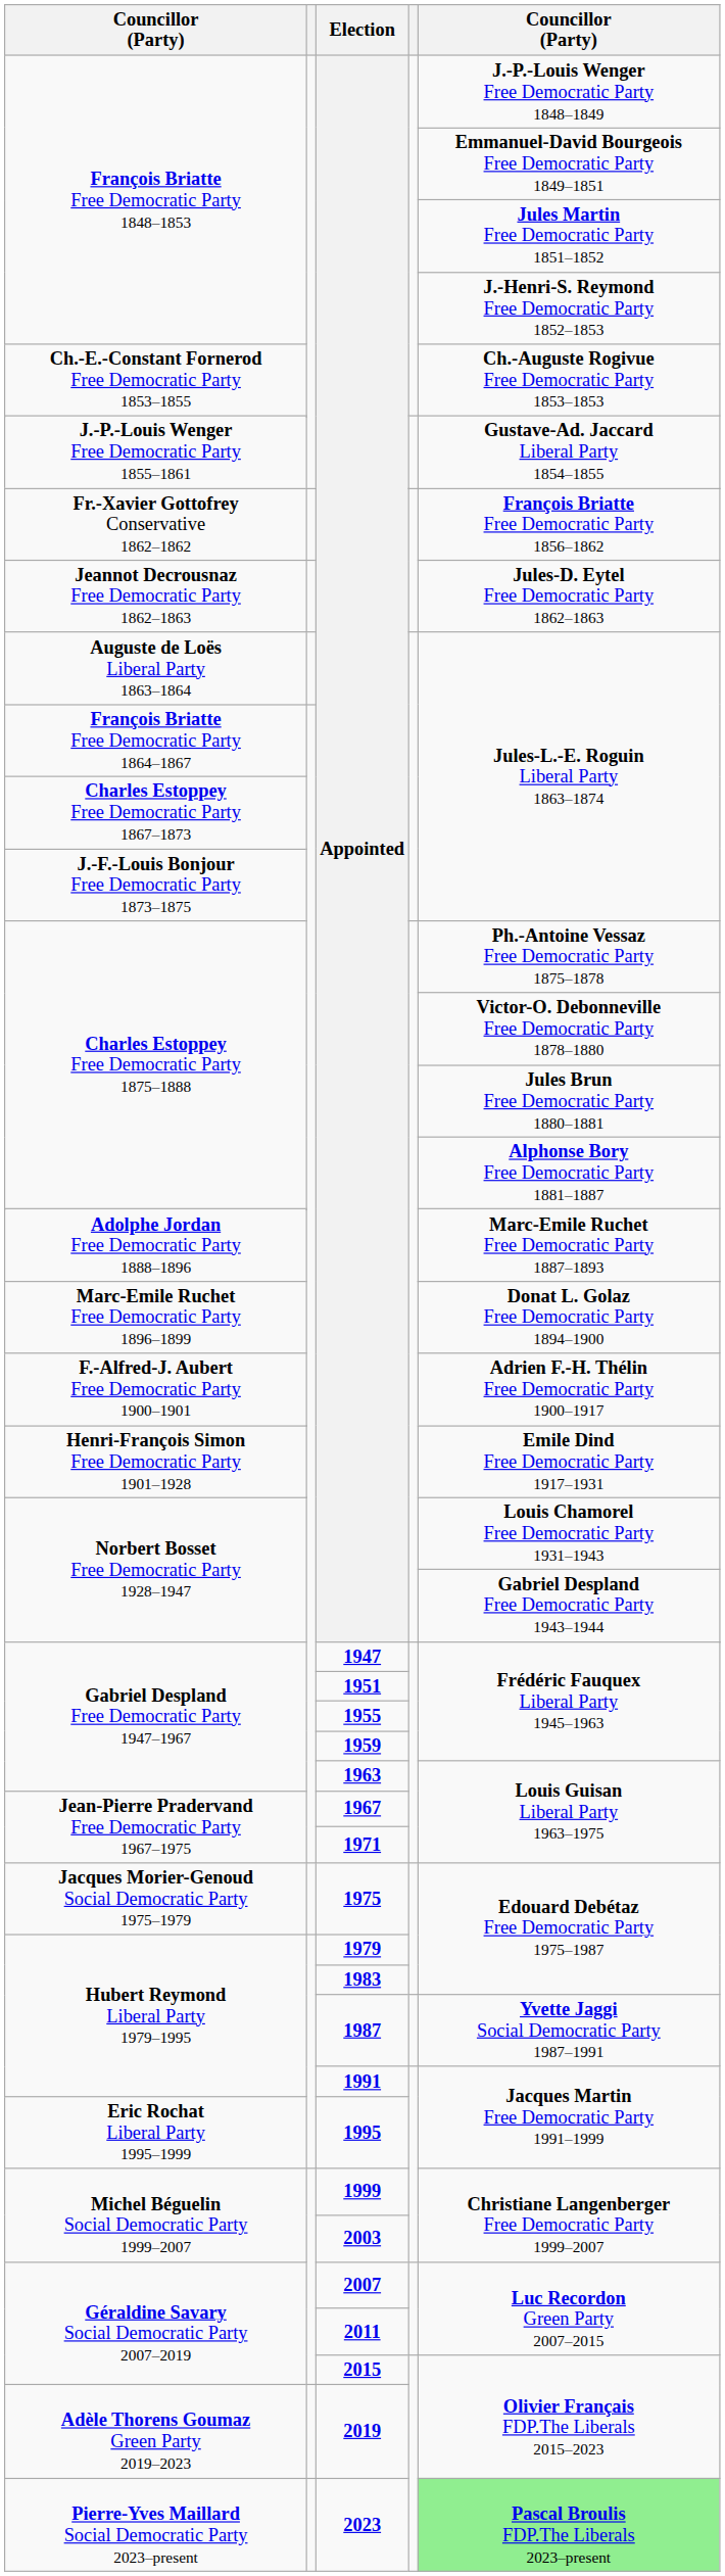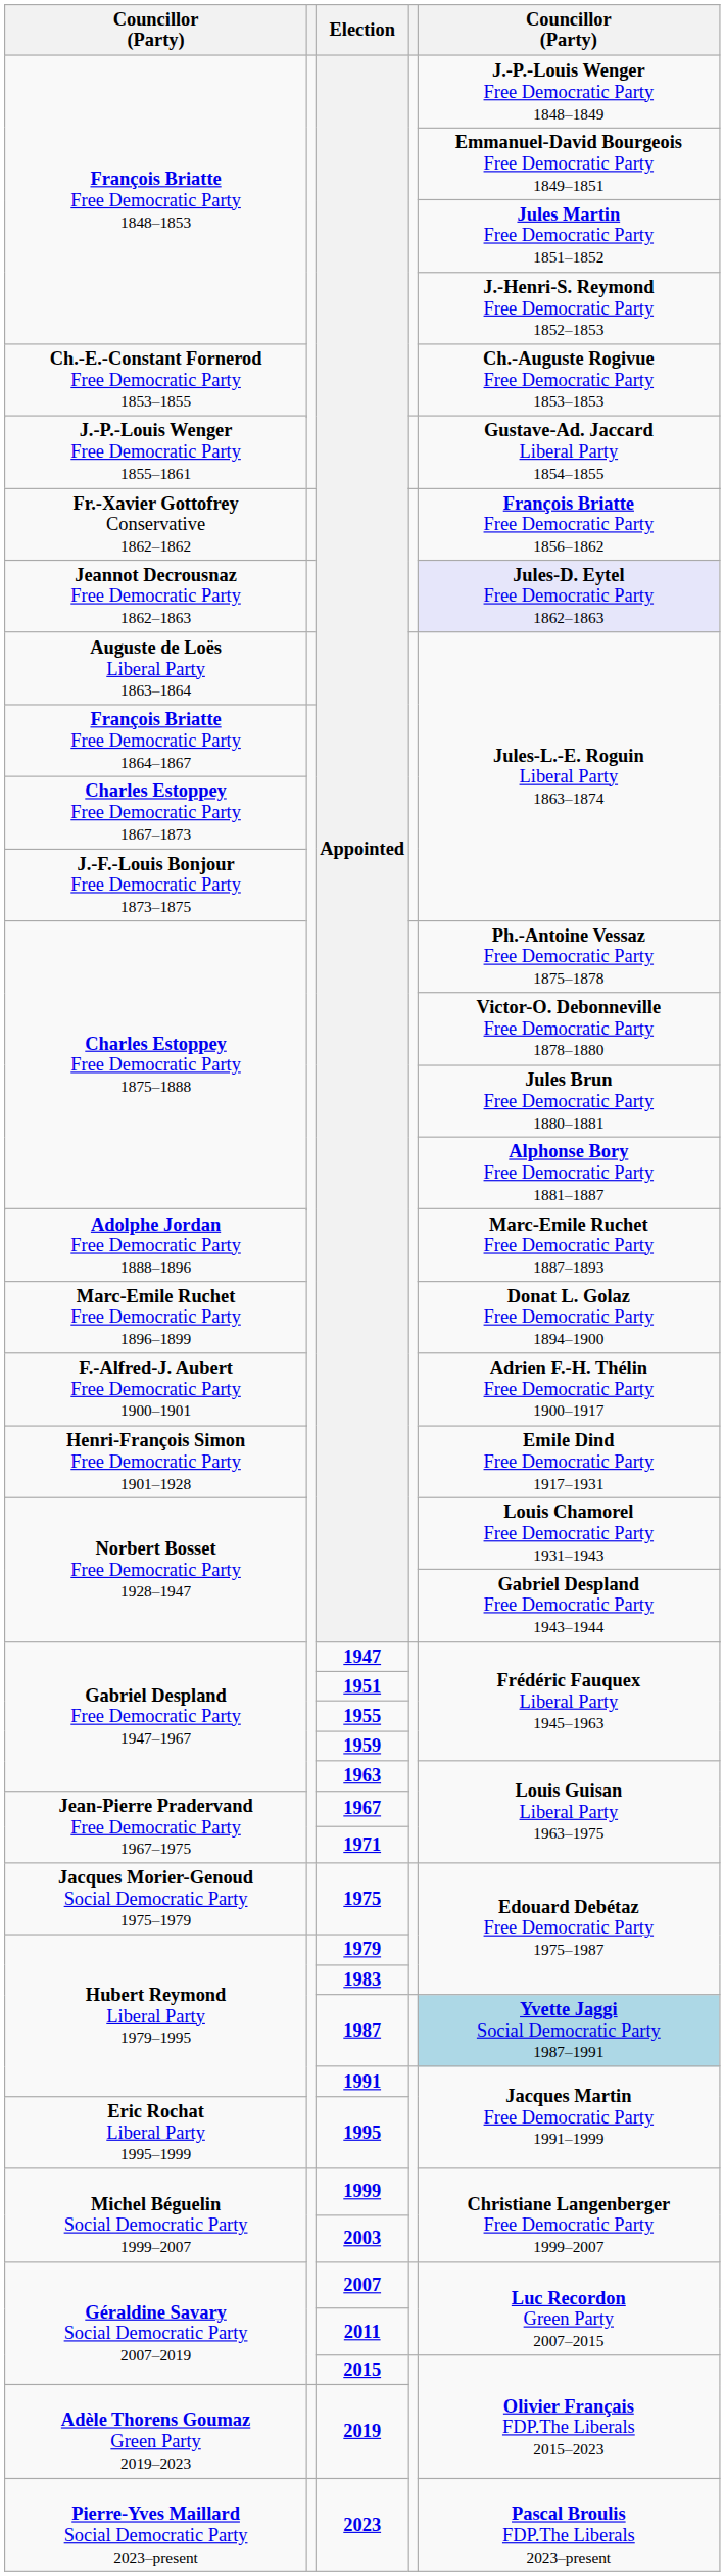 <table class="wikitable" style="text-align:center">
 <tr>
 <th scope="col" width="250" colspan = "1">Councillor<br> (Party)</th>
 <th></th>
 <th>Election</th>
 <th></th>
 <th scope="col" width="250" colspan = "1">Councillor<br> (Party)</th>
 </tr>
 <tr>
 <td rowspan=4><strong><a href='#'>François Briatte</a></strong><br><a href='#'>Free Democratic Party</a><br><small>1848–1853</small></td>
 <td rowspan=8; style="background-color: "></td>
 <th rowspan=29>Appointed</th>
 <td rowspan=5; style="background-color: "></td>
 <td rowspan=1><strong>J.-P.-Louis Wenger</strong><br><a href='#'>Free Democratic Party</a><br><small>1848–1849</small></td>
 </tr>
 <tr>
 <td rowspan=1><strong>Emmanuel-David Bourgeois</strong><br><a href='#'>Free Democratic Party</a><br><small>1849–1851</small></td>
 </tr>
 <tr>
 <td rowspan=1><strong><a href='#'>Jules Martin</a></strong><br><a href='#'>Free Democratic Party</a><br><small>1851–1852</small></td>
 </tr>
 <tr>
 <td rowspan=1><strong>J.-Henri-S. Reymond</strong><br><a href='#'>Free Democratic Party</a><br><small>1852–1853</small></td>
 </tr>
 <tr>
 <td rowspan=2><strong>Ch.-E.-Constant Fornerod</strong><br><a href='#'>Free Democratic Party</a><br><small>1853–1855</small></td>
 <td rowspan=1><strong>Ch.-Auguste Rogivue</strong><br><a href='#'>Free Democratic Party</a><br><small>1853–1853</small></td>
 </tr>
 <tr>
 <td rowspan=2; style="background-color: "></td>
 <td rowspan=2><strong>Gustave-Ad. Jaccard</strong><br><a href='#'>Liberal Party</a><br><small>1854–1855</small></td>
 </tr>
 <tr>
 <td rowspan=2><strong>J.-P.-Louis Wenger</strong><br><a href='#'>Free Democratic Party</a><br><small>1855–1861</small></td>
 </tr>
 <tr>
 <td rowspan=3; style="background-color: "></td>
 <td rowspan=2><strong><a href='#'>François Briatte</a></strong><br><a href='#'>Free Democratic Party</a><br><small>1856–1862</small></td>
 </tr>
 <tr>
 <td rowspan=1><strong>Fr.-Xavier Gottofrey</strong><br>Conservative<br><small>1862–1862</small></td>
 <td rowspan=1; style="background-color: "></td>
 </tr>
 <tr>
 <td rowspan=1><strong>Jeannot Decrousnaz</strong><br><a href='#'>Free Democratic Party</a><br><small>1862–1863</small></td>
 <td rowspan=1; style="background-color: "></td>
-<td rowspan=1><strong>Jules-D. Eytel</strong><br><a href='#'>Free Democratic Party</a><br><small>1862–1863</small></td>
+<td rowspan=1 style="background: lavender;"><strong>Jules-D. Eytel</strong><br><a href='#'>Free Democratic Party</a><br><small>1862–1863</small></td>
 </tr>
 <tr>
 <td rowspan=1><strong>Auguste de Loës</strong><br><a href='#'>Liberal Party</a><br><small>1863–1864</small></td>
 <td rowspan=1; style="background-color: "></td>
 <td rowspan=4; style="background-color: "></td>
 <td rowspan=4><strong>Jules-L.-E. Roguin</strong><br><a href='#'>Liberal Party</a><br><small>1863–1874</small></td>
 </tr>
 <tr>
 <td rowspan=1><strong><a href='#'>François Briatte</a></strong><br><a href='#'>Free Democratic Party</a><br><small>1864–1867</small></td>
 <td rowspan=25; style="background-color: "></td>
 </tr>
 <tr>
 <td rowspan=1><strong><a href='#'>Charles Estoppey</a></strong><br><a href='#'>Free Democratic Party</a><br><small>1867–1873</small></td>
 </tr>
 <tr>
 <td rowspan=1><strong>J.-F.-Louis Bonjour</strong><br><a href='#'>Free Democratic Party</a><br><small>1873–1875</small></td>
 </tr>
 <tr>
 <td rowspan=5><strong><a href='#'>Charles Estoppey</a></strong><br><a href='#'>Free Democratic Party</a><br><small>1875–1888</small></td>
 <td rowspan=14; style="background-color: "></td>
 <td rowspan=1><strong>Ph.-Antoine Vessaz</strong><br><a href='#'>Free Democratic Party</a><br><small>1875–1878</small></td>
 </tr>
 <tr>
 <td rowspan=1><strong>Victor-O. Debonneville</strong><br><a href='#'>Free Democratic Party</a><br><small>1878–1880</small></td>
 </tr>
 <tr>
 <td rowspan=1><strong>Jules Brun</strong><br><a href='#'>Free Democratic Party</a><br><small>1880–1881</small></td>
 </tr>
 <tr>
 <td rowspan=1><strong><a href='#'>Alphonse Bory</a></strong><br><a href='#'>Free Democratic Party</a><br><small>1881–1887</small></td>
 </tr>
 <tr>
 <td rowspan=2><strong>Marc-Emile Ruchet</strong><br><a href='#'>Free Democratic Party</a><br><small>1887–1893</small></td>
 </tr>
 <tr>
 <td rowspan=2><strong><a href='#'>Adolphe Jordan</a></strong><br><a href='#'>Free Democratic Party</a><br><small>1888–1896</small></td>
 </tr>
 <tr>
 <td rowspan=2><strong>Donat L. Golaz</strong><br><a href='#'>Free Democratic Party</a><br><small>1894–1900</small></td>
 </tr>
 <tr>
 <td rowspan=1><strong>Marc-Emile Ruchet</strong><br><a href='#'>Free Democratic Party</a><br><small>1896–1899</small></td>
 </tr>
 <tr>
 <td rowspan=1><strong>F.-Alfred-J. Aubert</strong><br><a href='#'>Free Democratic Party</a><br><small>1900–1901</small></td>
 <td rowspan=2><strong>Adrien F.-H. Thélin</strong><br><a href='#'>Free Democratic Party</a><br><small>1900–1917</small></td>
 </tr>
 <tr>
 <td rowspan=2><strong>Henri-François Simon</strong><br><a href='#'>Free Democratic Party</a><br><small>1901–1928</small></td>
 </tr>
 <tr>
 <td rowspan=2><strong>Emile Dind</strong><br><a href='#'>Free Democratic Party</a><br><small>1917–1931</small></td>
 </tr>
 <tr>
 <td rowspan=4><strong>Norbert Bosset</strong><br><a href='#'>Free Democratic Party</a><br><small>1928–1947</small></td>
 </tr>
 <tr>
 <td rowspan=1><strong>Louis Chamorel</strong><br><a href='#'>Free Democratic Party</a><br><small>1931–1943</small></td>
 </tr>
 <tr>
 <td rowspan=1><strong>Gabriel Despland</strong><br><a href='#'>Free Democratic Party</a><br><small>1943–1944</small></td>
 </tr>
 <tr>
 <td rowspan=8; style="background-color: "></td>
 <td rowspan=5><strong>Frédéric Fauquex</strong><br><a href='#'>Liberal Party</a><br><small>1945–1963</small></td>
 </tr>
 <tr>
 <td rowspan=5><strong>Gabriel Despland</strong><br><a href='#'>Free Democratic Party</a><br><small>1947–1967</small></td>
 <td><strong><a href='#'>1947</a></strong></td>
 </tr>
 <tr>
 <td><strong><a href='#'>1951</a></strong></td>
 </tr>
 <tr>
 <td><strong><a href='#'>1955</a></strong></td>
 </tr>
 <tr>
 <td><strong><a href='#'>1959</a></strong></td>
 </tr>
 <tr>
 <td><strong><a href='#'>1963</a></strong></td>
 <td rowspan=3><strong>Louis Guisan</strong><br><a href='#'>Liberal Party</a><br><small>1963–1975</small></td>
 </tr>
 <tr>
 <td rowspan=2><strong>Jean-Pierre Pradervand</strong><br><a href='#'>Free Democratic Party</a><br><small>1967–1975</small></td>
 <td><strong><a href='#'>1967</a></strong></td>
 </tr>
 <tr>
 <td><strong><a href='#'>1971</a></strong></td>
 </tr>
 <tr>
 <td rowspan=1><strong>Jacques Morier-Genoud</strong><br><a href='#'>Social Democratic Party</a><br><small>1975–1979</small></td>
 <td rowspan=1; style="background-color: "></td>
 <td><strong><a href='#'>1975</a></strong></td>
 <td rowspan=3; style="background-color: "></td>
 <td rowspan=3><strong>Edouard Debétaz</strong><br><a href='#'>Free Democratic Party</a><br><small>1975–1987</small></td>
 </tr>
 <tr>
 <td rowspan=4><strong>Hubert Reymond</strong><br><a href='#'>Liberal Party</a><br><small>1979–1995</small></td>
 <td rowspan=5; style="background-color: "></td>
 <td><strong><a href='#'>1979</a></strong></td>
 </tr>
 <tr>
 <td><strong><a href='#'>1983</a></strong></td>
 </tr>
 <tr>
 <td><strong><a href='#'>1987</a></strong></td>
 <td rowspan=1; style="background-color: "></td>
-<td rowspan=1><strong><a href='#'>Yvette Jaggi</a></strong><br><a href='#'>Social Democratic Party</a><br><small>1987–1991</small></td>
+<td rowspan=1 style="background: lightblue;"><strong><a href='#'>Yvette Jaggi</a></strong><br><a href='#'>Social Democratic Party</a><br><small>1987–1991</small></td>
 </tr>
 <tr>
 <td><strong><a href='#'>1991</a></strong></td>
 <td rowspan=4; style="background-color: "></td>
 <td rowspan=2><strong>Jacques Martin</strong><br><a href='#'>Free Democratic Party</a><br><small>1991–1999</small></td>
 </tr>
 <tr>
 <td rowspan=1><strong>Eric Rochat</strong><br><a href='#'>Liberal Party</a><br><small>1995–1999</small></td>
 <td><strong><a href='#'>1995</a></strong></td>
 </tr>
 <tr>
 <td rowspan=2><br><strong>Michel Béguelin</strong><br><a href='#'>Social Democratic Party</a><br><small>1999–2007</small></td>
 <td rowspan=5; style="background-color: "></td>
 <td><strong><a href='#'>1999</a></strong></td>
 <td rowspan=2><br><strong>Christiane Langenberger</strong><br><a href='#'>Free Democratic Party</a><br><small>1999–2007</small></td>
 </tr>
 <tr>
 <td><strong><a href='#'>2003</a></strong></td>
 </tr>
 <tr>
 <td rowspan=3><br><strong><a href='#'>Géraldine Savary</a></strong><br><a href='#'>Social Democratic Party</a><br><small>2007–2019</small></td>
 <td><strong><a href='#'>2007</a></strong></td>
 <td rowspan=2; style="background-color: "></td>
 <td rowspan=2><br><strong><a href='#'>Luc Recordon</a></strong><br><a href='#'>Green Party</a><br><small>2007–2015</small></td>
 </tr>
 <tr>
 <td><strong><a href='#'>2011</a></strong></td>
 </tr>
 <tr>
 <td><strong><a href='#'>2015</a></strong></td>
 <td rowspan=3; style="background-color: "></td>
 <td rowspan=2><br><strong><a href='#'>Olivier Français</a></strong><br><a href='#'>FDP.The Liberals</a><br><small>2015–2023</small></td>
 </tr>
 <tr>
 <td rowspan=1><br><strong><a href='#'>Adèle Thorens Goumaz</a></strong><br><a href='#'>Green Party</a><br><small>2019–2023</small></td>
 <td rowspan=1; style="background-color: "></td>
 <td><strong><a href='#'>2019</a></strong></td>
 </tr>
 <tr>
 <td rowspan=1><br><strong><a href='#'>Pierre-Yves Maillard</a></strong><br><a href='#'>Social Democratic Party</a><br><small>2023–present</small></td>
 <td rowspan=1; style="background-color: "></td>
 <td><strong><a href='#'>2023</a></strong></td>
-<td rowspan=1 style="background: lightgreen;"><br><strong><a href='#'>Pascal Broulis</a></strong><br><a href='#'>FDP.The Liberals</a><br><small>2023–present</small></td>
+<td rowspan=1><br><strong><a href='#'>Pascal Broulis</a></strong><br><a href='#'>FDP.The Liberals</a><br><small>2023–present</small></td>
 </tr>
 </table>
